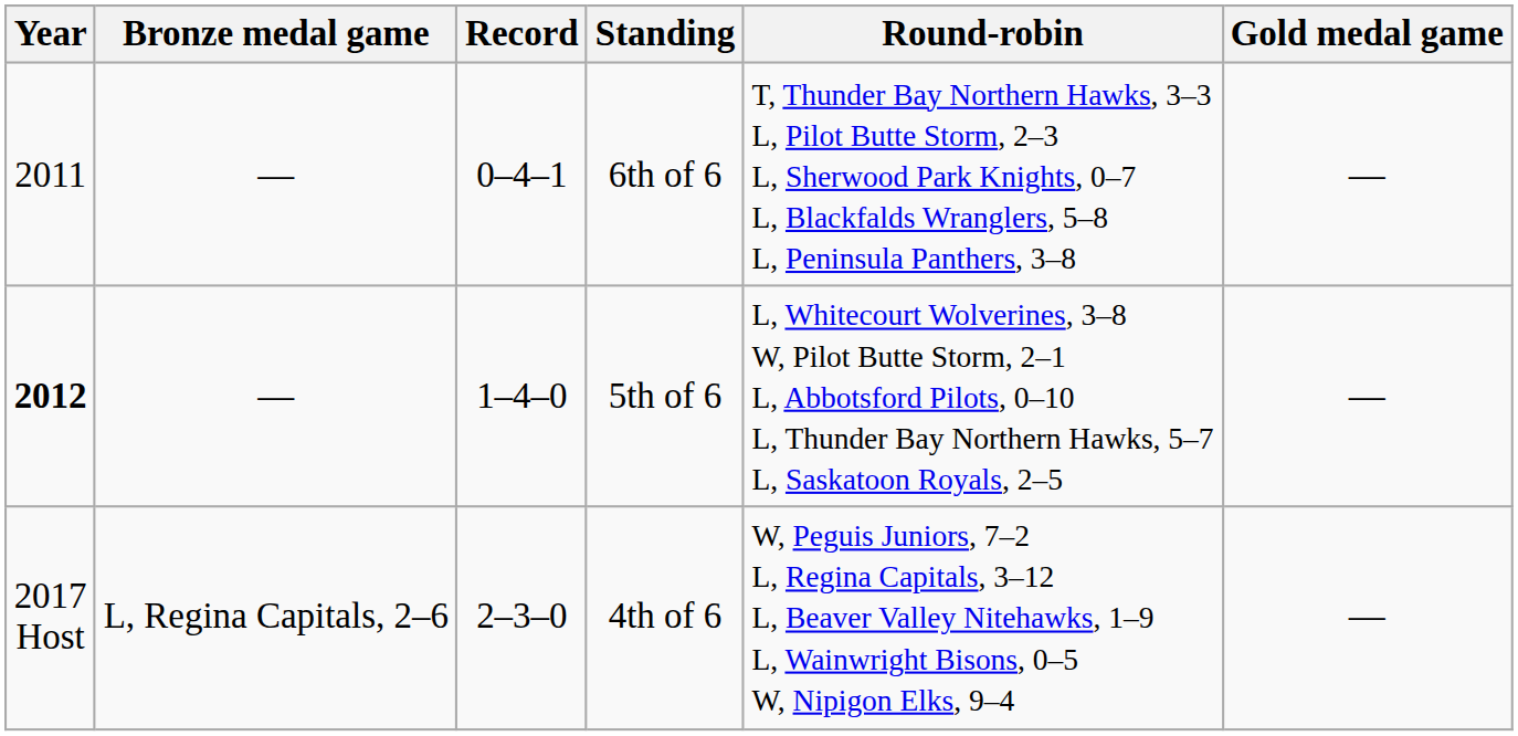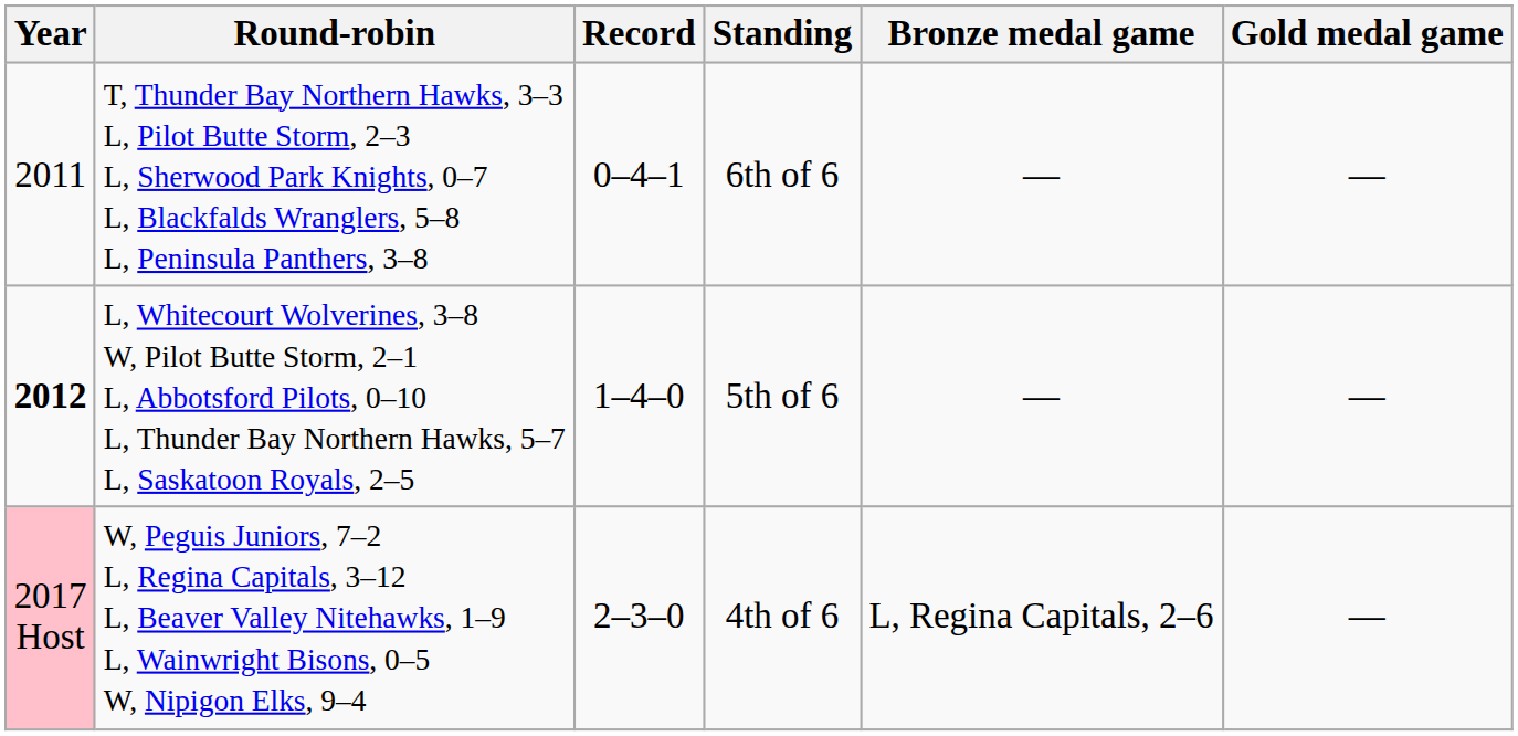 <table class="wikitable" style="text-align:center">
 <tr>
 <th>Year</th>
-<th>Bronze medal game</th>
+<th>Round-robin</th>
 <th>Record</th>
 <th>Standing</th>
-<th>Round-robin</th>
+<th>Bronze medal game</th>
 <th>Gold medal game</th>
 </tr>
 <tr>
 <td>2011</td>
-<td>—</td>
+<td align=left><small>T, <a href='#'>Thunder Bay Northern Hawks</a>, 3–3<br>L, <a href='#'>Pilot Butte Storm</a>, 2–3<br>L, <a href='#'>Sherwood Park Knights</a>, 0–7<br>L, <a href='#'>Blackfalds Wranglers</a>, 5–8<br>L, <a href='#'>Peninsula Panthers</a>, 3–8</small></td>
 <td>0–4–1</td>
 <td>6th of 6</td>
-<td align=left><small>T, <a href='#'>Thunder Bay Northern Hawks</a>, 3–3<br>L, <a href='#'>Pilot Butte Storm</a>, 2–3<br>L, <a href='#'>Sherwood Park Knights</a>, 0–7<br>L, <a href='#'>Blackfalds Wranglers</a>, 5–8<br>L, <a href='#'>Peninsula Panthers</a>, 3–8</small></td>
+<td>—</td>
 <td>—</td>
 </tr>
 <tr>
 <td><strong>2012</strong></td>
-<td>—</td>
+<td align=left><small>L, <a href='#'>Whitecourt Wolverines</a>, 3–8<br>W, Pilot Butte Storm, 2–1<br>L, <a href='#'>Abbotsford Pilots</a>, 0–10<br>L, Thunder Bay Northern Hawks, 5–7<br>L, <a href='#'>Saskatoon Royals</a>, 2–5</small></td>
 <td>1–4–0</td>
 <td>5th of 6</td>
-<td align=left><small>L, <a href='#'>Whitecourt Wolverines</a>, 3–8<br>W, Pilot Butte Storm, 2–1<br>L, <a href='#'>Abbotsford Pilots</a>, 0–10<br>L, Thunder Bay Northern Hawks, 5–7<br>L, <a href='#'>Saskatoon Royals</a>, 2–5</small></td>
+<td>—</td>
 <td>—</td>
 </tr>
 <tr>
-<td>2017<br>Host</td>
-<td>L, Regina Capitals, 2–6</td>
+<td style="background: pink;">2017<br>Host</td>
+<td align=left><small>W, <a href='#'>Peguis Juniors</a>, 7–2<br>L, <a href='#'>Regina Capitals</a>, 3–12<br>L, <a href='#'>Beaver Valley Nitehawks</a>, 1–9<br>L, <a href='#'>Wainwright Bisons</a>, 0–5<br>W, <a href='#'>Nipigon Elks</a>, 9–4</small></td>
 <td>2–3–0</td>
 <td>4th of 6</td>
-<td align=left><small>W, <a href='#'>Peguis Juniors</a>, 7–2<br>L, <a href='#'>Regina Capitals</a>, 3–12<br>L, <a href='#'>Beaver Valley Nitehawks</a>, 1–9<br>L, <a href='#'>Wainwright Bisons</a>, 0–5<br>W, <a href='#'>Nipigon Elks</a>, 9–4</small></td>
+<td>L, Regina Capitals, 2–6</td>
 <td>—</td>
 </tr>
 </table>
